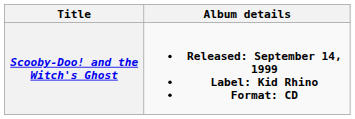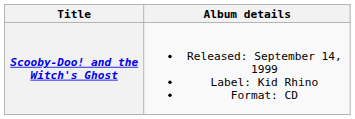 <table class="wikitable plainrowheaders" style="text-align:center;">
 <tr>
 <th scope="col" style="width:12em;">Title</th>
 <th scope="col" style="width:18em;">Album details</th>
 </tr>
 <tr>
 <th scope="row"><em><a href='#'>Scooby-Doo! and the Witch's Ghost</a></em></th>
-<td><strong><br><ul><li>Released: September 14, 1999</li><li>Label: Kid Rhino</li><li>Format: CD</li></ul></strong></td>
+<td><br><ul><li>Released: September 14, 1999</li><li>Label: Kid Rhino</li><li>Format: CD</li></ul></td>
 </tr>
 </table>
